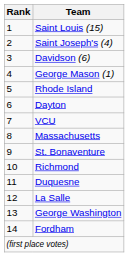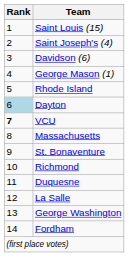 <table class=wikitable>
 <tr>
 <th>Rank</th>
 <th>Team</th>
 </tr>
 <tr>
 <td>1</td>
 <td><a href='#'>Saint Louis</a> <em>(15)</em></td>
 </tr>
 <tr>
 <td>2</td>
 <td><a href='#'>Saint Joseph's</a> <em>(4)</em></td>
 </tr>
 <tr>
 <td>3</td>
 <td><a href='#'>Davidson</a> <em>(6)</em></td>
 </tr>
 <tr>
 <td>4</td>
 <td><a href='#'>George Mason</a>  <em>(1)</em></td>
 </tr>
 <tr>
 <td>5</td>
 <td><a href='#'>Rhode Island</a></td>
 </tr>
 <tr>
-<td>6</td>
+<td style="background: lightblue;">6</td>
 <td><a href='#'>Dayton</a></td>
 </tr>
 <tr>
-<td>7</td>
+<td><strong>7</strong></td>
 <td><a href='#'>VCU</a></td>
 </tr>
 <tr>
 <td>8</td>
 <td><a href='#'>Massachusetts</a></td>
 </tr>
 <tr>
 <td>9</td>
 <td><a href='#'>St. Bonaventure</a></td>
 </tr>
 <tr>
 <td>10</td>
 <td><a href='#'>Richmond</a></td>
 </tr>
 <tr>
 <td>11</td>
 <td><a href='#'>Duquesne</a></td>
 </tr>
 <tr>
 <td>12</td>
 <td><a href='#'>La Salle</a></td>
 </tr>
 <tr>
 <td>13</td>
 <td><a href='#'>George Washington</a></td>
 </tr>
 <tr>
 <td>14</td>
 <td><a href='#'>Fordham</a></td>
 </tr>
 <tr>
 <td colspan=3 valign=middle><small><em>(first place votes)</em></small></td>
 </tr>
 </table>
